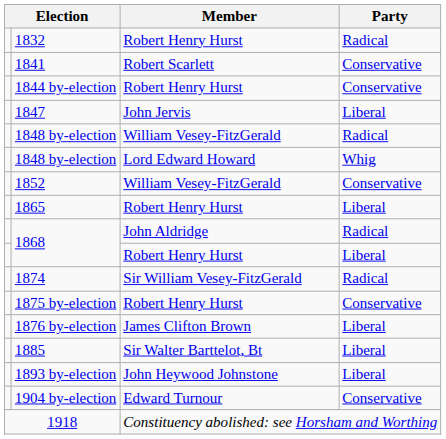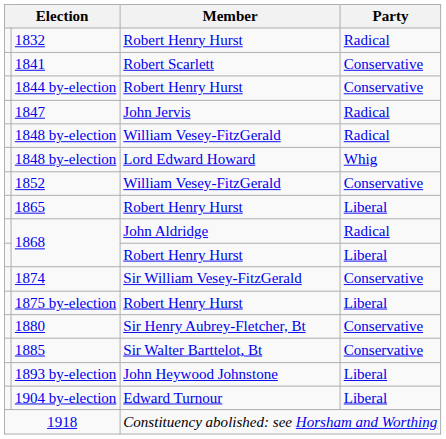 <table class="wikitable">
 <tr>
 <th colspan="2">Election</th>
 <th>Member</th>
 <th>Party</th>
 </tr>
 <tr>
 <td style="color:inherit;background-color: "></td>
 <td><a href='#'>1832</a></td>
 <td><a href='#'>Robert Henry Hurst</a></td>
 <td><a href='#'>Radical</a></td>
 </tr>
 <tr>
 <td style="color:inherit;background-color: "></td>
 <td><a href='#'>1841</a></td>
 <td><a href='#'>Robert Scarlett</a></td>
 <td><a href='#'>Conservative</a></td>
 </tr>
 <tr>
 <td style="color:inherit;background-color: "></td>
 <td><a href='#'>1844 by-election</a></td>
 <td><a href='#'>Robert Henry Hurst</a></td>
 <td><a href='#'>Conservative</a></td>
 </tr>
 <tr>
 <td style="color:inherit;background-color: "></td>
 <td><a href='#'>1847</a></td>
 <td><a href='#'>John Jervis</a></td>
-<td><a href='#'>Liberal</a></td>
+<td><a href='#'>Radical</a></td>
 </tr>
 <tr>
 <td style="color:inherit;background-color: "></td>
 <td><a href='#'>1848 by-election</a></td>
 <td><a href='#'>William Vesey-FitzGerald</a></td>
 <td><a href='#'>Radical</a></td>
 </tr>
 <tr>
 <td style="color:inherit;background-color: "></td>
 <td><a href='#'>1848 by-election</a></td>
 <td><a href='#'>Lord Edward Howard</a></td>
 <td><a href='#'>Whig</a></td>
 </tr>
 <tr>
 <td style="color:inherit;background-color: "></td>
 <td><a href='#'>1852</a></td>
 <td><a href='#'>William Vesey-FitzGerald</a></td>
 <td><a href='#'>Conservative</a></td>
 </tr>
 <tr>
 <td style="color:inherit;background-color: "></td>
 <td><a href='#'>1865</a></td>
 <td><a href='#'>Robert Henry Hurst</a></td>
 <td><a href='#'>Liberal</a></td>
 </tr>
 <tr>
 <td style="color:inherit;background-color: "></td>
 <td rowspan="2"><a href='#'>1868</a></td>
 <td><a href='#'>John Aldridge</a></td>
 <td><a href='#'>Radical</a></td>
 </tr>
 <tr>
 <td style="color:inherit;background-color: "></td>
 <td><a href='#'>Robert Henry Hurst</a></td>
 <td><a href='#'>Liberal</a></td>
 </tr>
 <tr>
 <td style="color:inherit;background-color: "></td>
 <td><a href='#'>1874</a></td>
 <td><a href='#'>Sir William Vesey-FitzGerald</a></td>
-<td><a href='#'>Radical</a></td>
+<td><a href='#'>Conservative</a></td>
 </tr>
 <tr>
 <td style="color:inherit;background-color: "></td>
 <td><a href='#'>1875 by-election</a></td>
 <td><a href='#'>Robert Henry Hurst</a></td>
-<td><a href='#'>Conservative</a></td>
+<td><a href='#'>Liberal</a></td>
 </tr>
 <tr>
 <td style="color:inherit;background-color: "></td>
-<td><a href='#'>1876 by-election</a></td>
-<td><a href='#'>James Clifton Brown</a></td>
-<td><a href='#'>Liberal</a></td>
+<td><a href='#'>1880</a></td>
+<td><a href='#'>Sir Henry Aubrey-Fletcher, Bt</a></td>
+<td><a href='#'>Conservative</a></td>
 </tr>
 <tr>
 <td style="color:inherit;background-color: "></td>
 <td><a href='#'>1885</a></td>
 <td><a href='#'>Sir Walter Barttelot, Bt</a></td>
-<td><a href='#'>Liberal</a></td>
+<td><a href='#'>Conservative</a></td>
 </tr>
 <tr>
 <td style="color:inherit;background-color: "></td>
 <td><a href='#'>1893 by-election</a></td>
 <td><a href='#'>John Heywood Johnstone</a></td>
 <td><a href='#'>Liberal</a></td>
 </tr>
 <tr>
 <td style="color:inherit;background-color: "></td>
 <td><a href='#'>1904 by-election</a></td>
 <td><a href='#'>Edward Turnour</a></td>
-<td><a href='#'>Conservative</a></td>
+<td><a href='#'>Liberal</a></td>
 </tr>
 <tr>
 <td colspan="2" align="center"><a href='#'>1918</a></td>
 <td colspan="2"><em>Constituency abolished: see <a href='#'>Horsham and Worthing</a></em></td>
 </tr>
 </table>
